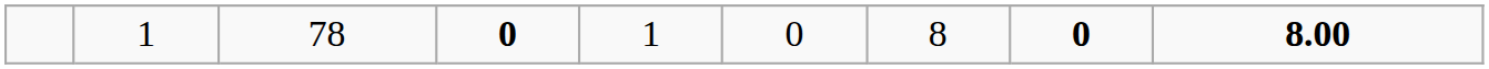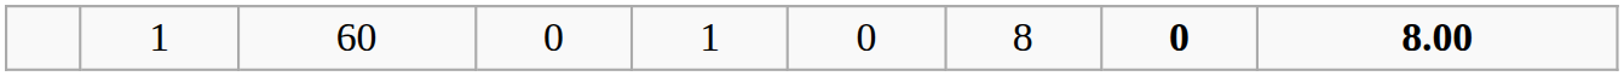 <table class="wikitable sortable" width ="50%">
 <tr align="center">
 </tr>
 <tr align="center" bgcolor="">
 <td></td>
 <td>1</td>
-<td>78</td>
-<td><strong>0</strong></td>
+<td>60</td>
+<td>0</td>
 <td>1</td>
 <td>0</td>
 <td>8</td>
 <td><strong>0</strong></td>
 <td><strong>8.00</strong></td>
 </tr>
 </table>
